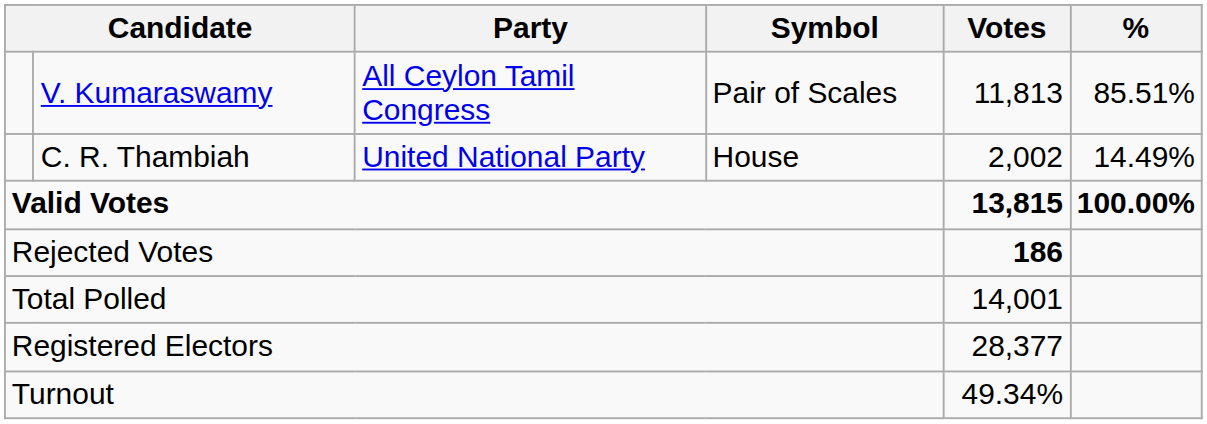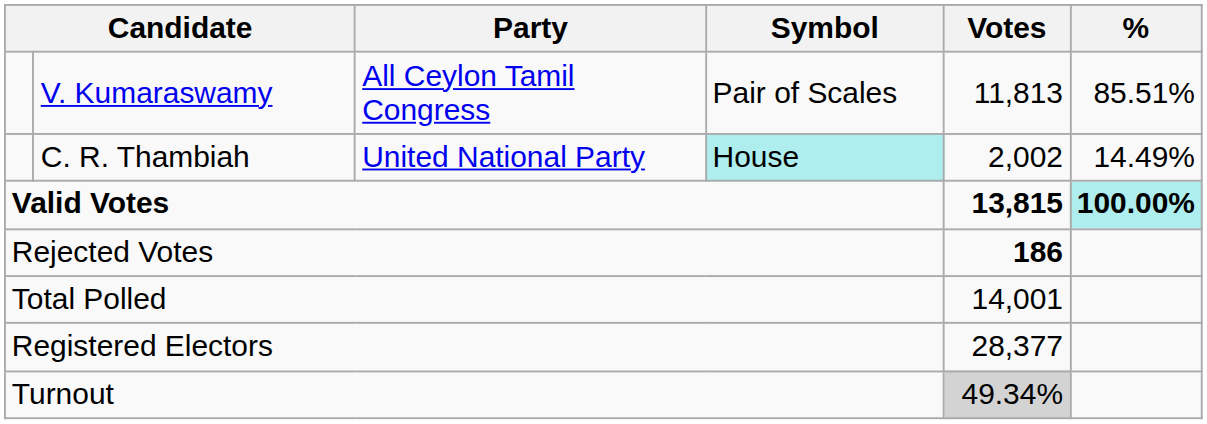 <table class="wikitable" border="1" style="text-align:right;">
 <tr>
 <th align=left colspan=2 width="180">Candidate</th>
 <th align=left width="180">Party</th>
 <th align=left width="120">Symbol</th>
 <th align=left width="60">Votes</th>
 <th align=left width="60">%</th>
 </tr>
 <tr>
 <td bgcolor=> </td>
 <td align=left><a href='#'>V. Kumaraswamy</a></td>
 <td align=left><a href='#'>All Ceylon Tamil Congress</a></td>
 <td align=left>Pair of Scales</td>
 <td>11,813</td>
 <td>85.51%</td>
 </tr>
 <tr>
 <td bgcolor=> </td>
 <td align=left>C. R. Thambiah</td>
 <td align=left><a href='#'>United National Party</a></td>
-<td align=left>House</td>
+<td align=left style="background: paleturquoise;">House</td>
 <td>2,002</td>
 <td>14.49%</td>
 </tr>
 <tr>
 <td align=left colspan=4><strong>Valid Votes</strong></td>
 <td><strong>13,815</strong></td>
-<td><strong>100.00%</strong></td>
+<td style="background: paleturquoise;"><strong>100.00%</strong></td>
 </tr>
 <tr>
 <td align=left colspan=4>Rejected Votes</td>
 <td><strong>186</strong></td>
 <td></td>
 </tr>
 <tr>
 <td align=left colspan=4>Total Polled</td>
 <td>14,001</td>
 <td></td>
 </tr>
 <tr>
 <td align=left colspan=4>Registered Electors</td>
 <td>28,377</td>
 <td></td>
 </tr>
 <tr>
 <td align=left colspan=4>Turnout</td>
-<td>49.34%</td>
+<td style="background: lightgrey;">49.34%</td>
 </tr>
 </table>
